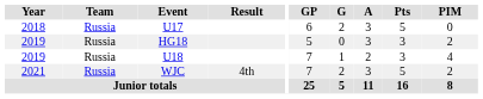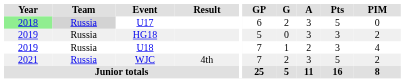 <table border="0" cellpadding="1" cellspacing="0" ID="Table3" style="text-align:center; width:40em">
 <tr bgcolor="#e0e0e0">
 <th>Year</th>
 <th>Team</th>
 <th>Event</th>
 <th>Result</th>
 <th rowspan="99" bgcolor="#ffffff"></th>
 <th>GP</th>
 <th>G</th>
 <th>A</th>
 <th>Pts</th>
 <th>PIM</th>
 </tr>
 <tr>
-<td><a href='#'>2018</a></td>
-<td><a href='#'>Russia</a></td>
+<td style="background: lightgreen;"><a href='#'>2018</a></td>
+<td style="background: lightgrey;"><a href='#'>Russia</a></td>
 <td><a href='#'>U17</a></td>
 <td></td>
 <td>6</td>
 <td>2</td>
 <td>3</td>
 <td>5</td>
 <td>0</td>
 </tr>
 <tr bgcolor="#f0f0f0">
 <td><a href='#'>2019</a></td>
 <td>Russia</td>
 <td><a href='#'>HG18</a></td>
 <td></td>
 <td>5</td>
 <td>0</td>
 <td>3</td>
 <td>3</td>
 <td>2</td>
 </tr>
 <tr>
 <td><a href='#'>2019</a></td>
 <td>Russia</td>
 <td><a href='#'>U18</a></td>
 <td></td>
 <td>7</td>
 <td>1</td>
 <td>2</td>
 <td>3</td>
 <td>4</td>
 </tr>
 <tr bgcolor="#f0f0f0">
 <td><a href='#'>2021</a></td>
 <td><a href='#'>Russia</a></td>
 <td><a href='#'>WJC</a></td>
 <td>4th</td>
 <td>7</td>
 <td>2</td>
 <td>3</td>
 <td>5</td>
 <td>2</td>
 </tr>
 <tr ALIGN="center" bgcolor="#e0e0e0">
 <th colspan=4>Junior totals</th>
 <th>25</th>
 <th>5</th>
 <th>11</th>
 <th>16</th>
 <th>8</th>
 </tr>
 </table>
